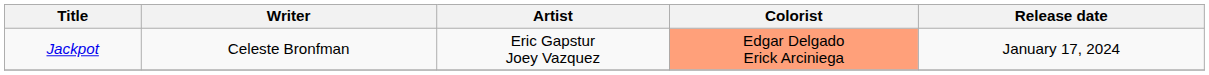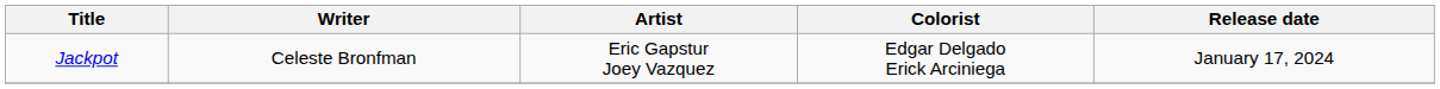 <table class="wikitable" style="text-align:center; width:100%">
 <tr>
 <th scope="col">Title</th>
 <th scope="col">Writer</th>
 <th scope="col">Artist</th>
 <th scope="col">Colorist</th>
 <th scope="col">Release date</th>
 </tr>
 <tr>
 <td><em><a href='#'>Jackpot</a></em></td>
 <td>Celeste Bronfman</td>
 <td>Eric Gapstur<br>Joey Vazquez</td>
-<td style="background: lightsalmon;">Edgar Delgado<br>Erick Arciniega</td>
+<td>Edgar Delgado<br>Erick Arciniega</td>
 <td>January 17, 2024</td>
 </tr>
 <tr>
 </tr>
 </table>
